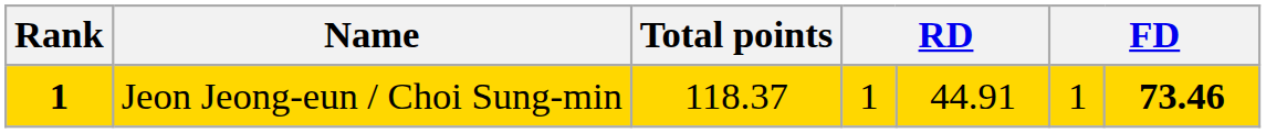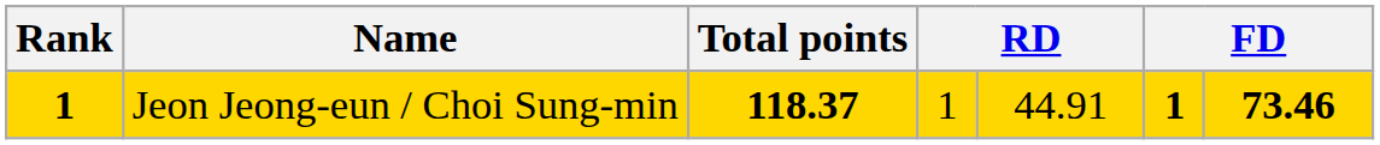 <table class="wikitable sortable">
 <tr>
 <th>Rank</th>
 <th>Name</th>
 <th>Total points</th>
 <th colspan="2" width="80px"><a href='#'>RD</a></th>
 <th colspan="2" width="80px"><a href='#'>FD</a></th>
 </tr>
 <tr bgcolor="gold">
 <td align="center"><strong>1</strong></td>
 <td>Jeon Jeong-eun / Choi Sung-min</td>
-<td align="center">118.37</td>
+<td align="center"><strong>118.37</strong></td>
 <td align="center">1</td>
 <td align="center">44.91</td>
-<td align="center">1</td>
+<td align="center"><strong>1</strong></td>
 <td align="center"><strong>73.46</strong></td>
 </tr>
 </table>
